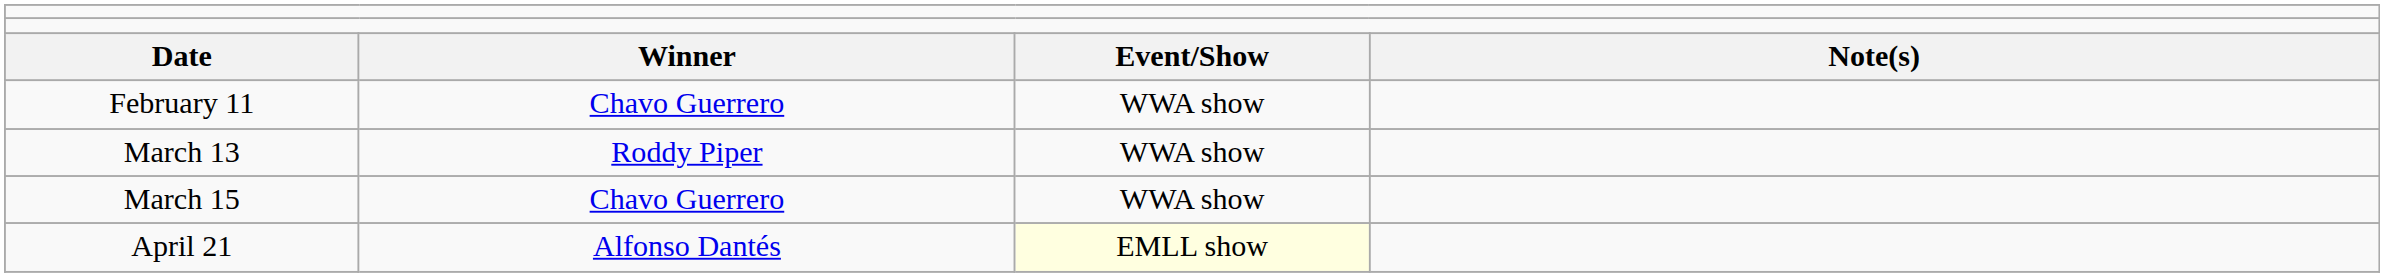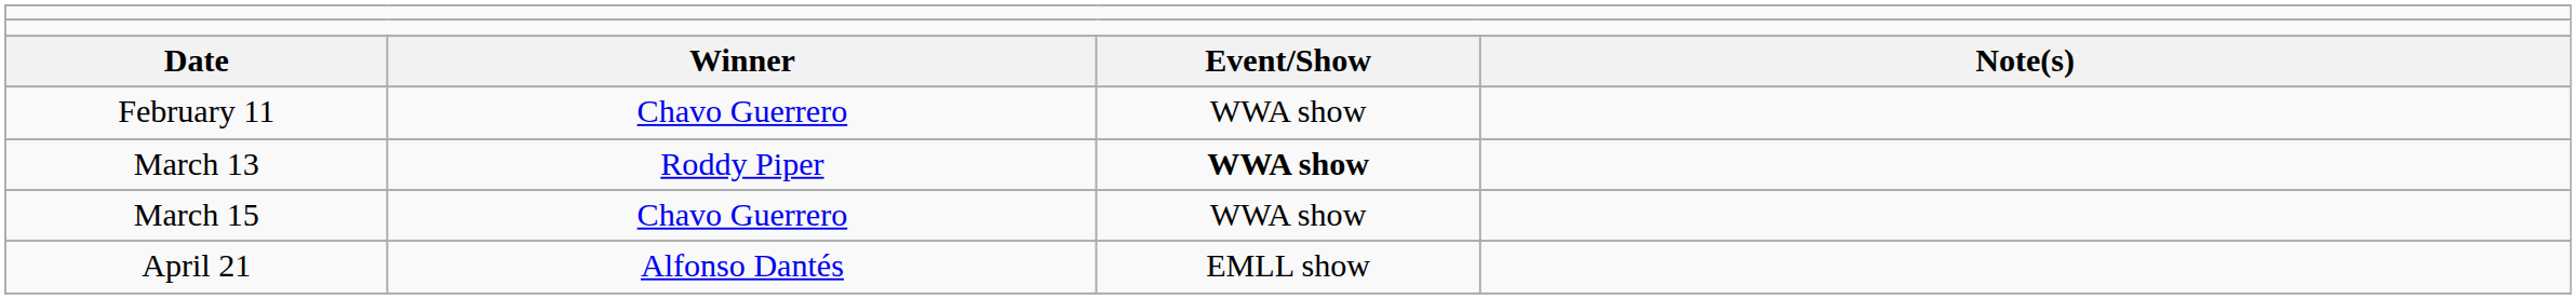 <table class="wikitable" style="text-align:center; width:100%;">
 <tr>
 <td colspan=5></td>
 </tr>
 <tr>
 <td colspan=5><strong></strong></td>
 </tr>
 <tr>
 <th width=14%>Date</th>
 <th width=26%>Winner</th>
 <th width=14%>Event/Show</th>
 <th width=40%>Note(s)</th>
 </tr>
 <tr>
 <td>February 11</td>
 <td><a href='#'>Chavo Guerrero</a></td>
 <td>WWA show</td>
 <td></td>
 </tr>
 <tr>
 <td>March 13</td>
 <td><a href='#'>Roddy Piper</a></td>
-<td>WWA show</td>
+<td><strong>WWA show</strong></td>
 <td></td>
 </tr>
 <tr>
 <td>March 15</td>
 <td><a href='#'>Chavo Guerrero</a></td>
 <td>WWA show</td>
 <td></td>
 </tr>
 <tr>
 <td>April 21</td>
 <td><a href='#'>Alfonso Dantés</a></td>
-<td style="background: lightyellow;">EMLL show</td>
+<td>EMLL show</td>
 <td></td>
 </tr>
 </table>
